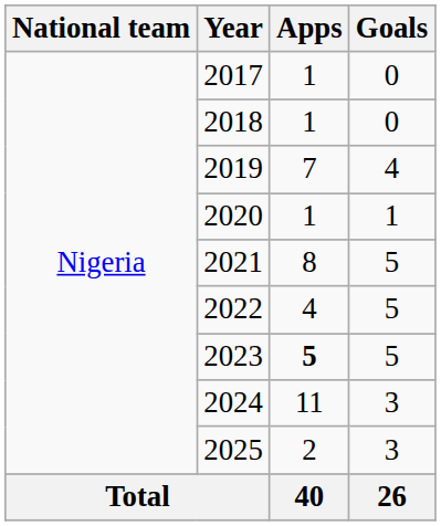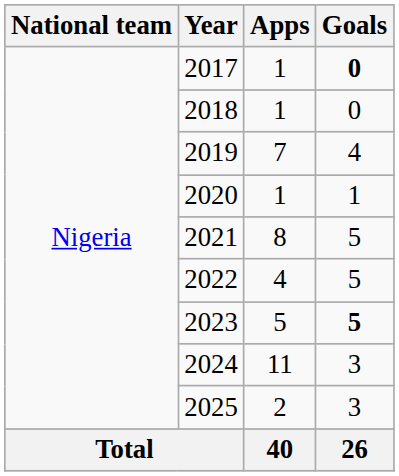 <table class="wikitable" style="text-align:center">
 <tr>
 <th>National team</th>
 <th>Year</th>
 <th>Apps</th>
 <th>Goals</th>
 </tr>
 <tr>
 <td rowspan="9"><a href='#'>Nigeria</a></td>
 <td>2017</td>
 <td>1</td>
-<td>0</td>
+<td><strong>0</strong></td>
 </tr>
 <tr>
 <td>2018</td>
 <td>1</td>
 <td>0</td>
 </tr>
 <tr>
 <td>2019</td>
 <td>7</td>
 <td>4</td>
 </tr>
 <tr>
 <td>2020</td>
 <td>1</td>
 <td>1</td>
 </tr>
 <tr>
 <td>2021</td>
 <td>8</td>
 <td>5</td>
 </tr>
 <tr>
 <td>2022</td>
 <td>4</td>
 <td>5</td>
 </tr>
 <tr>
 <td>2023</td>
+<td>5</td>
 <td><strong>5</strong></td>
-<td>5</td>
 </tr>
 <tr>
 <td>2024</td>
 <td>11</td>
 <td>3</td>
 </tr>
 <tr>
 <td>2025</td>
 <td>2</td>
 <td>3</td>
 </tr>
 <tr>
 <th colspan="2">Total</th>
 <th>40</th>
 <th>26</th>
 </tr>
 </table>
